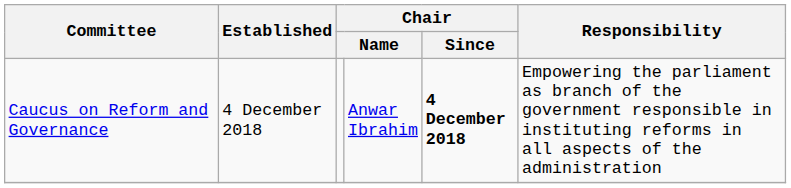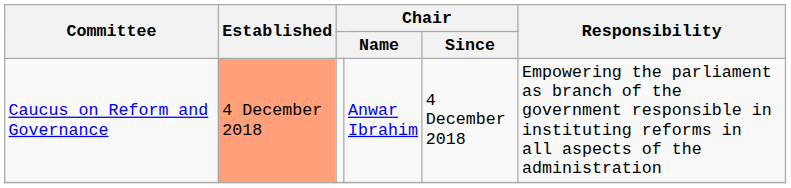 <table class="wikitable">
 <tr>
 <th width=300 rowspan="2">Committee</th>
 <th width=80 rowspan="2">Established</th>
 <th width=90 colspan="3">Chair</th>
 <th width=360 rowspan="2">Responsibility</th>
 </tr>
 <tr>
 <th width=60 colspan="2">Name</th>
 <th width=80>Since</th>
 </tr>
 <tr>
 <td><a href='#'>Caucus on Reform and Governance</a></td>
-<td>4 December 2018</td>
+<td style="background: lightsalmon;">4 December 2018</td>
 <td style="background-color: "></td>
 <td><a href='#'>Anwar Ibrahim</a></td>
-<td><strong>4 December 2018</strong></td>
+<td>4 December 2018</td>
 <td style="vertical-align: top;">Empowering the parliament as branch of the government responsible in instituting reforms in all aspects of the administration</td>
 </tr>
 <tr>
 </tr>
 </table>
